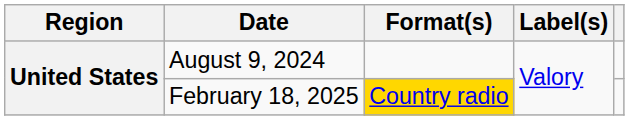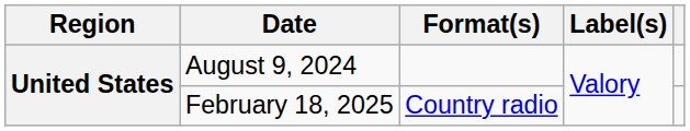 <table class="wikitable plainrowheaders">
 <tr>
 <th scope="col">Region</th>
 <th scope="col">Date</th>
 <th scope="col">Format(s)</th>
 <th scope="col">Label(s)</th>
 <th scope="col"></th>
 </tr>
 <tr>
 <th scope="row" rowspan="2">United States</th>
 <td>August 9, 2024</td>
 <td></td>
 <td rowspan="2"><a href='#'>Valory</a></td>
 <td style="text-align:center;"></td>
 </tr>
 <tr>
 <td>February 18, 2025</td>
-<td style="background: gold;"><a href='#'>Country radio</a></td>
+<td><a href='#'>Country radio</a></td>
 <td style="text-align:center;"></td>
 </tr>
 </table>
